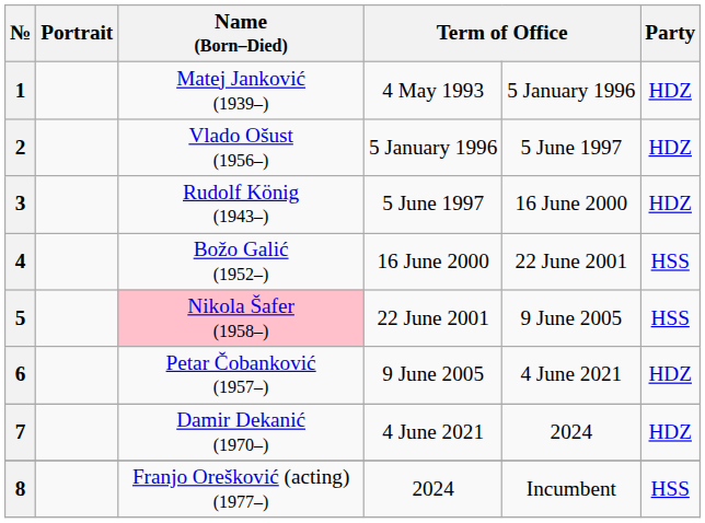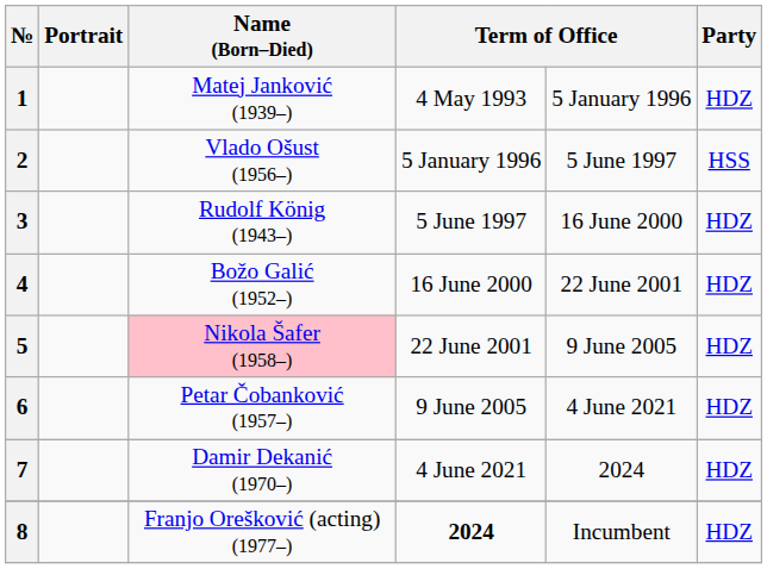 <table class="wikitable" style="text-align:center">
 <tr ->
 <th>№</th>
 <th>Portrait</th>
 <th width=180>Name<br><small>(Born–Died)</small></th>
 <th colspan=2>Term of Office</th>
 <th>Party</th>
 </tr>
 <tr ->
 <th style="background:">1</th>
 <td></td>
 <td><a href='#'>Matej Janković</a><br><small>(1939–)</small></td>
 <td>4 May 1993</td>
 <td>5 January 1996</td>
 <td><a href='#'>HDZ</a></td>
 </tr>
 <tr ->
 <th style="background:">2</th>
 <td></td>
 <td><a href='#'>Vlado Ošust</a><br><small>(1956–)</small></td>
 <td>5 January 1996</td>
 <td>5 June 1997</td>
-<td><a href='#'>HDZ</a></td>
+<td><a href='#'>HSS</a></td>
 </tr>
 <tr ->
 <th style="background:">3</th>
 <td></td>
 <td><a href='#'>Rudolf König</a><br><small>(1943–)</small></td>
 <td>5 June 1997</td>
 <td>16 June 2000</td>
 <td><a href='#'>HDZ</a></td>
 </tr>
 <tr ->
 <th style="background:">4</th>
 <td></td>
 <td><a href='#'>Božo Galić</a><br><small>(1952–)</small></td>
 <td>16 June 2000</td>
 <td>22 June 2001</td>
-<td><a href='#'>HSS</a></td>
+<td><a href='#'>HDZ</a></td>
 </tr>
 <tr ->
 <th style="background:">5</th>
 <td></td>
 <td style="background: pink;"><a href='#'>Nikola Šafer</a><br><small>(1958–)</small></td>
 <td>22 June 2001</td>
 <td>9 June 2005</td>
-<td><a href='#'>HSS</a></td>
+<td><a href='#'>HDZ</a></td>
 </tr>
 <tr ->
 <th style="background:">6</th>
 <td></td>
 <td><a href='#'>Petar Čobanković</a><br><small>(1957–)</small></td>
 <td>9 June 2005</td>
 <td>4 June 2021</td>
 <td><a href='#'>HDZ</a></td>
 </tr>
 <tr ->
 </tr>
 <tr ->
 <th style="background:">7</th>
 <td></td>
 <td><a href='#'>Damir Dekanić </a><br><small>(1970–)</small></td>
 <td>4 June 2021</td>
 <td>2024</td>
 <td><a href='#'>HDZ</a></td>
 </tr>
 <tr ->
 </tr>
 <tr ->
 <th style="background:">8</th>
 <td></td>
 <td><a href='#'>Franjo Orešković</a> (acting)<br><small>(1977–)</small></td>
-<td>2024</td>
+<td><strong>2024</strong></td>
 <td>Incumbent</td>
-<td><a href='#'>HSS</a></td>
+<td><a href='#'>HDZ</a></td>
 </tr>
 <tr ->
 </tr>
 </table>
